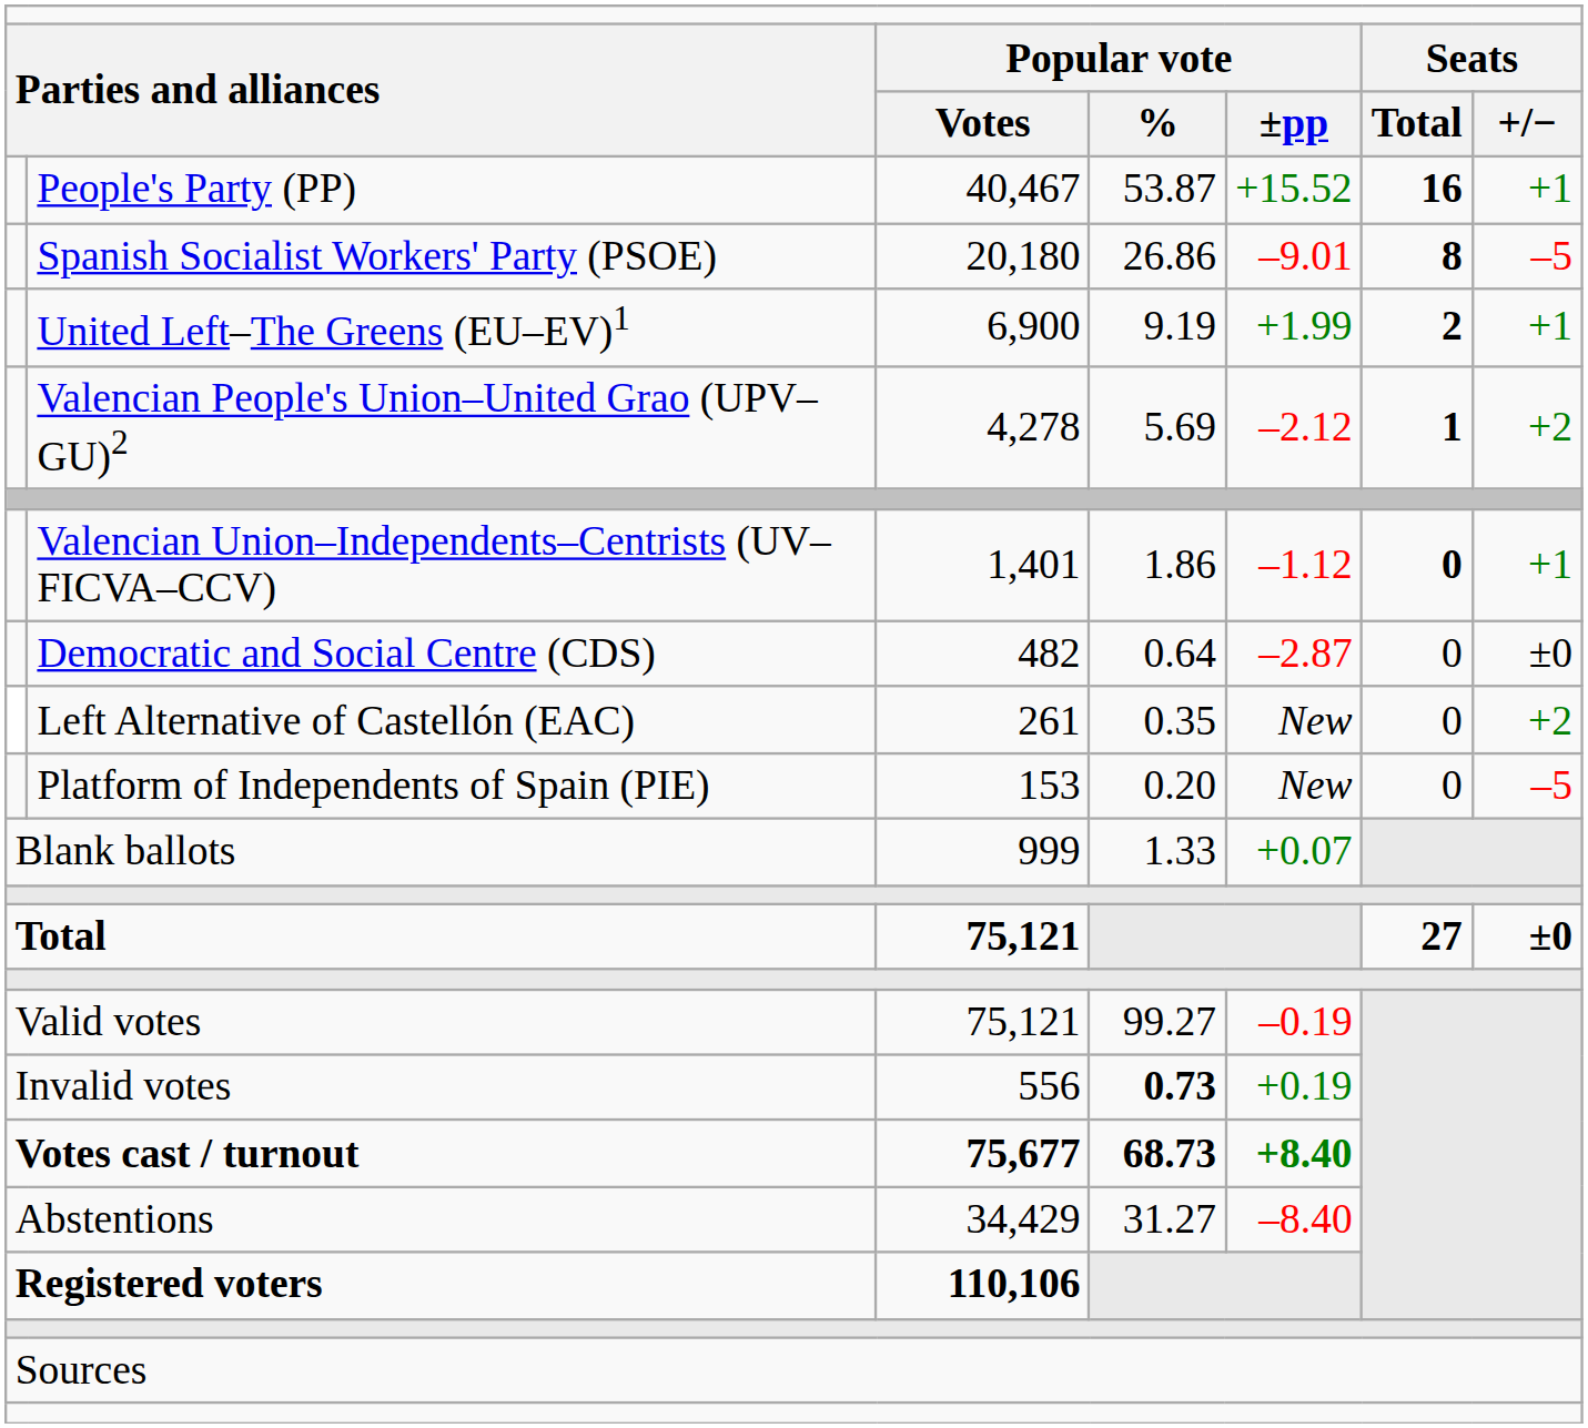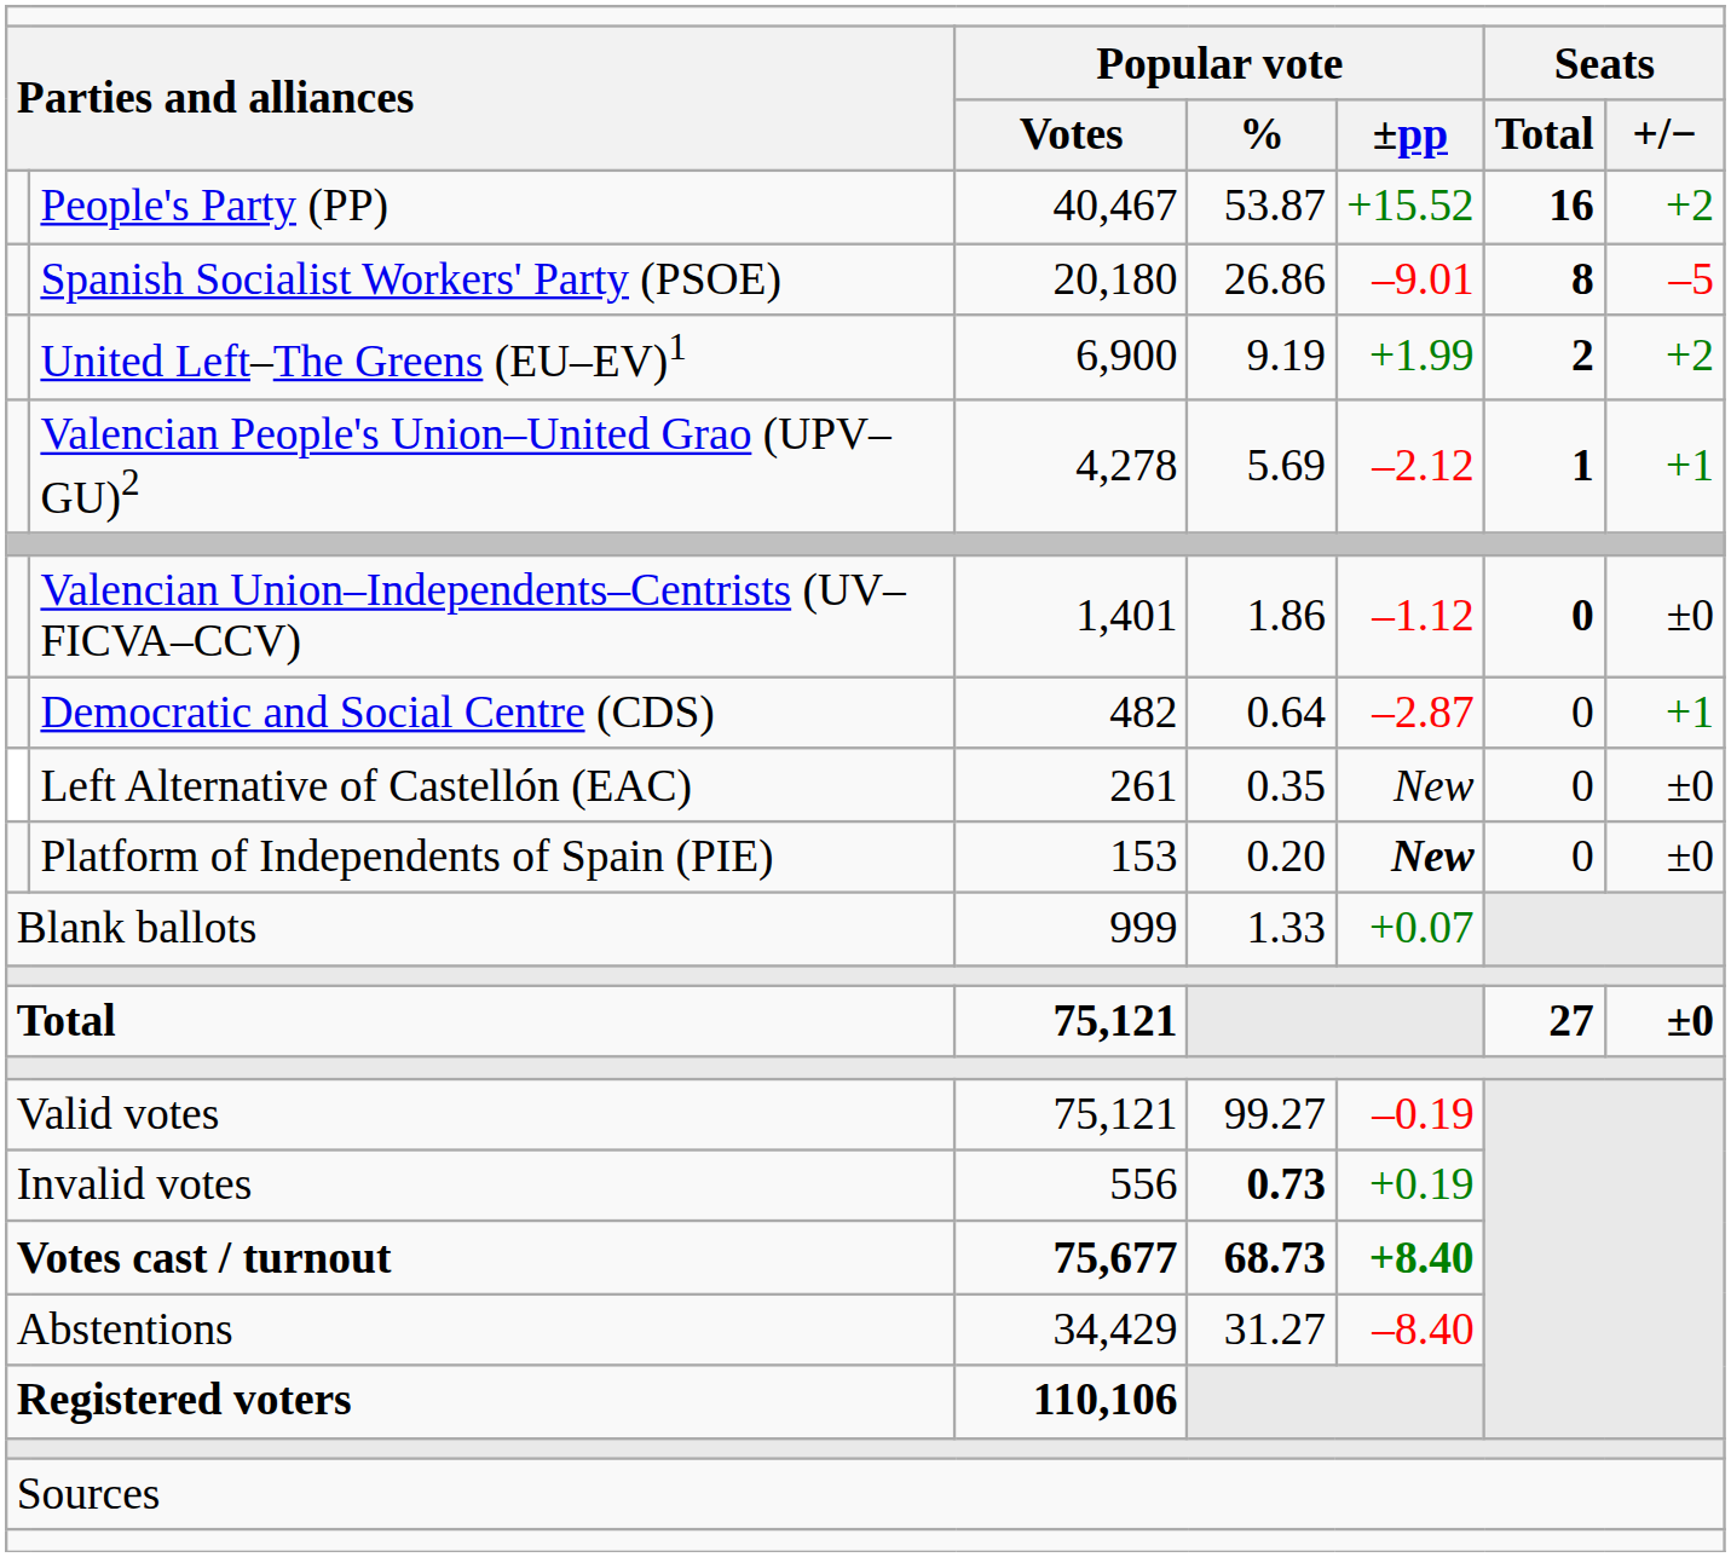 <table class="wikitable" style="text-align:right;">
 <tr>
 <td colspan="7"></td>
 </tr>
 <tr>
 <th style="text-align:left;" rowspan="2" colspan="2" width="525">Parties and alliances</th>
 <th colspan="3">Popular vote</th>
 <th colspan="2">Seats</th>
 </tr>
 <tr>
 <th width="75">Votes</th>
 <th width="45">%</th>
 <th width="45">±<a href='#'>pp</a></th>
 <th width="35">Total</th>
 <th width="35">+/−</th>
 </tr>
 <tr>
 <td width="1" style="color:inherit;background:"></td>
 <td align="left"><a href='#'>People's Party</a> (PP)</td>
 <td>40,467</td>
 <td>53.87</td>
 <td style="color:green;">+15.52</td>
 <td><strong>16</strong></td>
-<td style="color:green;">+1</td>
+<td style="color:green;">+2</td>
 </tr>
 <tr>
 <td style="color:inherit;background:"></td>
 <td align="left"><a href='#'>Spanish Socialist Workers' Party</a> (PSOE)</td>
 <td>20,180</td>
 <td>26.86</td>
 <td style="color:red;">–9.01</td>
 <td><strong>8</strong></td>
 <td style="color:red;">–5</td>
 </tr>
 <tr>
 <td style="color:inherit;background:"></td>
 <td align="left"><a href='#'>United Left</a>–<a href='#'>The Greens</a> (EU–EV)<sup>1</sup></td>
 <td>6,900</td>
 <td>9.19</td>
 <td style="color:green;">+1.99</td>
 <td><strong>2</strong></td>
-<td style="color:green;">+1</td>
+<td style="color:green;">+2</td>
 </tr>
 <tr>
 <td style="color:inherit;background:"></td>
 <td align="left"><a href='#'>Valencian People's Union–United Grao</a> (UPV–GU)<sup>2</sup></td>
 <td>4,278</td>
 <td>5.69</td>
 <td style="color:red;">–2.12</td>
 <td><strong>1</strong></td>
-<td style="color:green;">+2</td>
+<td style="color:green;">+1</td>
 </tr>
 <tr>
 <td colspan="7" bgcolor="#C0C0C0"></td>
 </tr>
 <tr>
 <td style="color:inherit;background:"></td>
 <td align="left"><a href='#'>Valencian Union–Independents–Centrists</a> (UV–FICVA–CCV)</td>
 <td>1,401</td>
 <td>1.86</td>
 <td style="color:red;">–1.12</td>
 <td><strong>0</strong></td>
-<td style="color:green;">+1</td>
+<td>±0</td>
 </tr>
 <tr>
 <td style="color:inherit;background:"></td>
 <td align="left"><a href='#'>Democratic and Social Centre</a> (CDS)</td>
 <td>482</td>
 <td>0.64</td>
 <td style="color:red;">–2.87</td>
 <td>0</td>
-<td>±0</td>
+<td style="color:green;">+1</td>
 </tr>
 <tr>
 <td bgcolor="white"></td>
 <td align="left">Left Alternative of Castellón (EAC)</td>
 <td>261</td>
 <td>0.35</td>
 <td><em>New</em></td>
 <td>0</td>
-<td style="color:green;">+2</td>
+<td>±0</td>
 </tr>
 <tr>
 <td style="color:inherit;background:"></td>
 <td align="left">Platform of Independents of Spain (PIE)</td>
 <td>153</td>
 <td>0.20</td>
-<td><em>New</em></td>
+<td><strong><em>New</em></strong></td>
 <td>0</td>
-<td style="color:red;">–5</td>
+<td>±0</td>
 </tr>
 <tr>
 <td align="left" colspan="2">Blank ballots</td>
 <td>999</td>
 <td>1.33</td>
 <td style="color:green;">+0.07</td>
 <td bgcolor="#E9E9E9" colspan="2"></td>
 </tr>
 <tr>
 <td colspan="7" bgcolor="#E9E9E9"></td>
 </tr>
 <tr style="font-weight:bold;">
 <td align="left" colspan="2">Total</td>
 <td>75,121</td>
 <td bgcolor="#E9E9E9" colspan="2"></td>
 <td>27</td>
 <td>±0</td>
 </tr>
 <tr>
 <td colspan="7" bgcolor="#E9E9E9"></td>
 </tr>
 <tr>
 <td align="left" colspan="2">Valid votes</td>
 <td>75,121</td>
 <td>99.27</td>
 <td style="color:red;">–0.19</td>
 <td bgcolor="#E9E9E9" colspan="2" rowspan="5"></td>
 </tr>
 <tr>
 <td align="left" colspan="2">Invalid votes</td>
 <td>556</td>
 <td><strong>0.73</strong></td>
 <td style="color:green;">+0.19</td>
 </tr>
 <tr style="font-weight:bold;">
 <td align="left" colspan="2">Votes cast / turnout</td>
 <td>75,677</td>
 <td>68.73</td>
 <td style="color:green;">+8.40</td>
 </tr>
 <tr>
 <td align="left" colspan="2">Abstentions</td>
 <td>34,429</td>
 <td>31.27</td>
 <td style="color:red;">–8.40</td>
 </tr>
 <tr style="font-weight:bold;">
 <td align="left" colspan="2">Registered voters</td>
 <td>110,106</td>
 <td bgcolor="#E9E9E9" colspan="2"></td>
 </tr>
 <tr>
 <td colspan="7" bgcolor="#E9E9E9"></td>
 </tr>
 <tr>
 <td align="left" colspan="7">Sources</td>
 </tr>
 <tr>
 <td colspan="7" style="text-align:left; max-width:790px;"></td>
 </tr>
 </table>
